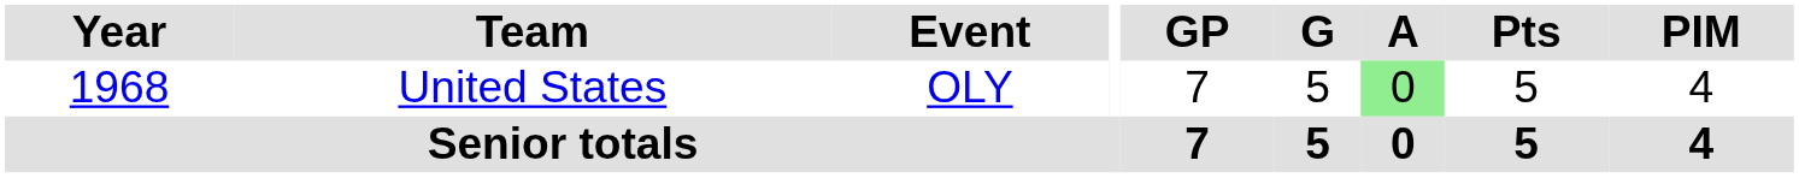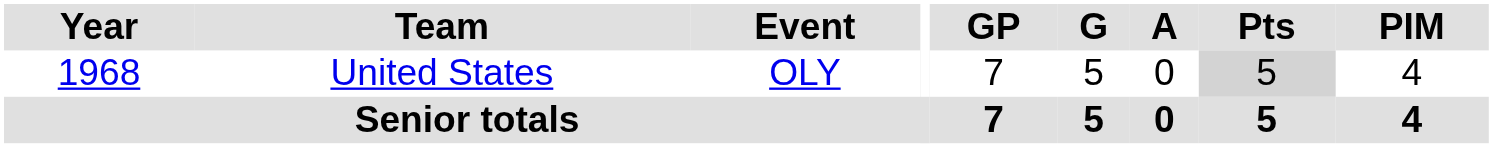 <table border="0" cellpadding="1" cellspacing="0" ID="Table3" style="text-align:center; width:40em">
 <tr bgcolor="#e0e0e0">
 <th>Year</th>
 <th>Team</th>
 <th>Event</th>
 <th rowspan="102" bgcolor="#ffffff"></th>
 <th>GP</th>
 <th>G</th>
 <th>A</th>
 <th>Pts</th>
 <th>PIM</th>
 </tr>
 <tr>
 <td><a href='#'>1968</a></td>
 <td><a href='#'>United States</a></td>
 <td><a href='#'>OLY</a></td>
 <td>7</td>
 <td>5</td>
-<td style="background: lightgreen;">0</td>
-<td>5</td>
+<td>0</td>
+<td style="background: lightgrey;">5</td>
 <td>4</td>
 </tr>
 <tr bgcolor="#e0e0e0">
 <th colspan="4">Senior totals</th>
 <th>7</th>
 <th>5</th>
 <th>0</th>
 <th>5</th>
 <th>4</th>
 </tr>
 </table>
